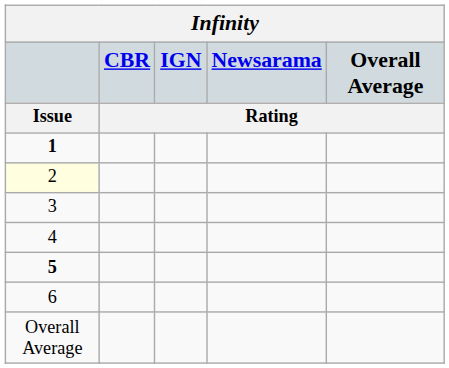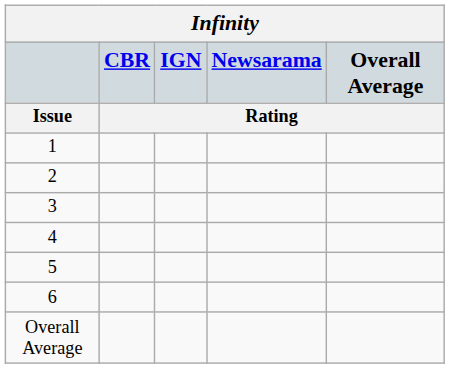 <table class="wikitable infobox" style="float: right; width: 24.2em; font-size: 80%; text-align: center; margin:0.5em 0 0.5em 1em; padding:0;" cellpadding="0" cellspacing="0">
 <tr>
 <th colspan="5" style="font-size:120%;"><em>Infinity</em></th>
 </tr>
 <tr>
 <th style="background:#d1dbdf;font-size:120%;"></th>
 <th style="background:#d1dbdf;font-size:120%;"><a href='#'>CBR</a></th>
 <th style="background:#d1dbdf;font-size:120%;"><a href='#'>IGN</a></th>
 <th style="background:#d1dbdf;font-size:120%;"><a href='#'>Newsarama</a></th>
 <th style="background:#d1dbdf;font-size:120%;">Overall Average</th>
 </tr>
 <tr>
 <th>Issue</th>
 <th colspan="4">Rating</th>
 </tr>
 <tr>
-<td><strong>1</strong></td>
+<td>1</td>
 <td></td>
 <td></td>
 <td></td>
 <td></td>
 </tr>
 <tr>
-<td style="background: lightyellow;">2</td>
+<td>2</td>
 <td></td>
 <td></td>
 <td></td>
 <td></td>
 </tr>
 <tr>
 <td>3</td>
 <td></td>
 <td></td>
 <td></td>
 <td></td>
 </tr>
 <tr>
 <td>4</td>
 <td></td>
 <td></td>
 <td></td>
 <td></td>
 </tr>
 <tr>
-<td><strong>5</strong></td>
+<td>5</td>
 <td></td>
 <td></td>
 <td></td>
 <td></td>
 </tr>
 <tr>
 <td>6</td>
 <td></td>
 <td></td>
 <td></td>
 <td></td>
 </tr>
 <tr>
 <td>Overall Average</td>
 <td></td>
 <td></td>
 <td></td>
 <td></td>
 </tr>
 </table>
